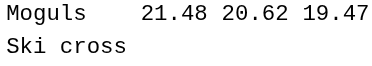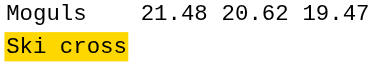 <table>
 <tr>
 <td>Moguls<br></td>
 <td></td>
 <td>21.48</td>
 <td></td>
 <td>20.62</td>
 <td></td>
 <td>19.47</td>
 </tr>
 <tr>
-<td>Ski cross<br></td>
+<td style="background: gold;">Ski cross<br></td>
 <td colspan=2></td>
 <td colspan=2></td>
 <td colspan=2></td>
 </tr>
 </table>
